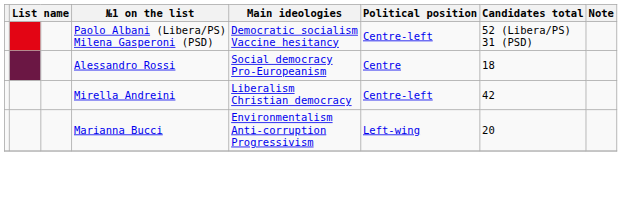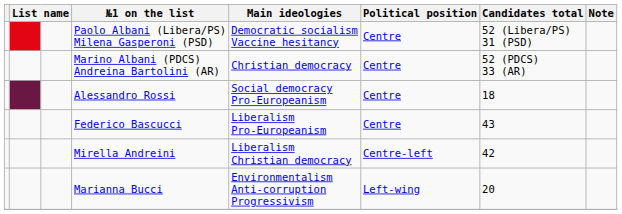 <table class="wikitable">
 <tr>
 <th></th>
 <th colspan="2">List name</th>
 <th>№1 on the list</th>
 <th>Main ideologies</th>
 <th>Political position</th>
 <th>Candidates total</th>
 <th>Note</th>
 </tr>
 <tr>
 <td></td>
 <td style="background:#E30514"></td>
 <td></td>
 <td><a href='#'>Paolo Albani</a> (Libera/PS)<br><a href='#'>Milena Gasperoni</a> (PSD)</td>
 <td><a href='#'>Democratic socialism</a><br><a href='#'>Vaccine hesitancy</a></td>
-<td><a href='#'>Centre-left</a></td>
+<td><a href='#'>Centre</a></td>
 <td>52 (Libera/PS)<br>31 (PSD)</td>
+<td></td>
+</tr>
+<tr>
+<td></td>
+<td style="background:"></td>
+<td></td>
+<td><a href='#'>Marino Albani</a> (PDCS)<br><a href='#'>Andreina Bartolini</a> (AR)</td>
+<td><a href='#'>Christian democracy</a></td>
+<td><a href='#'>Centre</a></td>
+<td>52 (PDCS)<br>33 (AR)</td>
 <td></td>
 </tr>
 <tr>
 <td></td>
 <td style="background:#6B1744"></td>
 <td></td>
 <td><a href='#'>Alessandro Rossi</a></td>
 <td><a href='#'>Social democracy</a><br><a href='#'>Pro-Europeanism</a></td>
 <td><a href='#'>Centre</a></td>
 <td>18</td>
+<td></td>
+</tr>
+<tr>
+<td></td>
+<td style="background:"></td>
+<td></td>
+<td><a href='#'>Federico Bascucci</a></td>
+<td><a href='#'>Liberalism</a><br><a href='#'>Pro-Europeanism</a></td>
+<td><a href='#'>Centre</a></td>
+<td>43</td>
 <td></td>
 </tr>
 <tr>
 <td></td>
 <td style="background:"></td>
 <td></td>
 <td><a href='#'>Mirella Andreini</a></td>
 <td><a href='#'>Liberalism</a><br><a href='#'>Christian democracy</a></td>
 <td><a href='#'>Centre-left</a></td>
 <td>42</td>
 <td></td>
 </tr>
 <tr>
 <td></td>
 <td style="background:"></td>
 <td></td>
 <td><a href='#'>Marianna Bucci</a></td>
 <td><a href='#'>Environmentalism</a><br><a href='#'>Anti-corruption</a><br><a href='#'>Progressivism</a></td>
 <td><a href='#'>Left-wing</a></td>
 <td>20</td>
 <td></td>
 </tr>
 <tr>
 </tr>
 </table>
